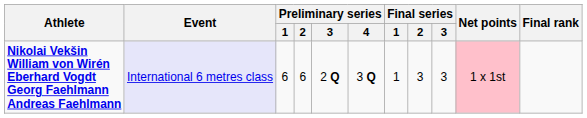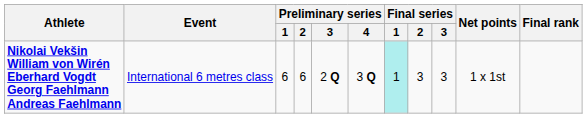 <table class="wikitable" style="font-size:90%">
 <tr>
 <th rowspan="2">Athlete</th>
 <th rowspan="2">Event</th>
 <th colspan=4>Preliminary series</th>
 <th colspan=3>Final series</th>
 <th rowspan=2>Net points</th>
 <th rowspan=2>Final rank</th>
 </tr>
 <tr style="font-size:95%">
 <th>1</th>
 <th>2</th>
 <th>3</th>
 <th>4</th>
 <th>1</th>
 <th>2</th>
 <th>3</th>
 </tr>
 <tr align=center>
 <td align=left><strong><a href='#'>Nikolai Vekšin</a><br><a href='#'>William von Wirén</a><br><a href='#'>Eberhard Vogdt</a><br><a href='#'>Georg Faehlmann</a><br><a href='#'>Andreas Faehlmann</a></strong></td>
-<td align=left style="background: lavender;"><a href='#'>International 6 metres class</a></td>
+<td align=left><a href='#'>International 6 metres class</a></td>
 <td>6</td>
 <td>6</td>
 <td>2 <strong>Q</strong></td>
 <td>3 <strong>Q</strong></td>
-<td>1</td>
+<td style="background: paleturquoise;">1</td>
 <td>3</td>
 <td>3</td>
-<td style="background: pink;">1 x 1st</td>
+<td>1 x 1st</td>
 <td></td>
 </tr>
 </table>
